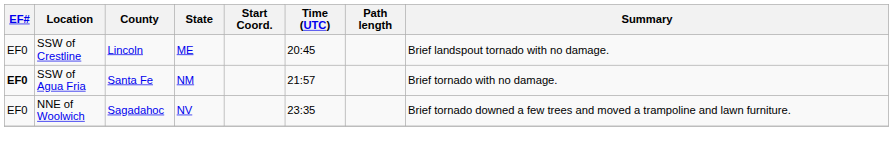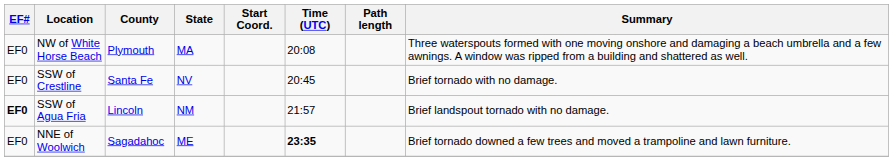 <table class="wikitable sortable" style="width:100%;">
 <tr>
 <th scope="col"  style="width:3%; text-align:center;"><a href='#'>EF#</a></th>
 <th scope="col"  style="width:7%; text-align:center;" class="unsortable">Location</th>
 <th scope="col"  style="width:6%; text-align:center;" class="unsortable">County</th>
 <th scope="col"  style="width:5%; text-align:center;">State</th>
 <th scope="col"  style="width:6%; text-align:center;">Start Coord.</th>
 <th scope="col"  style="width:6%; text-align:center;">Time (<a href='#'>UTC</a>)</th>
 <th scope="col"  style="width:6%; text-align:center;">Path length</th>
 <th scope="col" class="unsortable" style="width:48%; text-align:center;">Summary</th>
 </tr>
 <tr>
 <td>EF0</td>
+<td>NW of <a href='#'>White Horse Beach</a></td>
+<td><a href='#'>Plymouth</a></td>
+<td><a href='#'>MA</a></td>
+<td></td>
+<td>20:08</td>
+<td></td>
+<td>Three waterspouts formed with one moving onshore and damaging a beach umbrella and a few awnings. A window was ripped from a building and shattered as well.</td>
+</tr>
+<tr>
+<td>EF0</td>
 <td>SSW of <a href='#'>Crestline</a></td>
-<td><a href='#'>Lincoln</a></td>
-<td><a href='#'>ME</a></td>
+<td><a href='#'>Santa Fe</a></td>
+<td><a href='#'>NV</a></td>
 <td></td>
 <td>20:45</td>
 <td></td>
-<td>Brief landspout tornado with no damage.</td>
+<td>Brief tornado with no damage.</td>
 </tr>
 <tr>
 <td><strong>EF0</strong></td>
 <td>SSW of <a href='#'>Agua Fria</a></td>
-<td><a href='#'>Santa Fe</a></td>
+<td><a href='#'>Lincoln</a></td>
 <td><a href='#'>NM</a></td>
 <td></td>
 <td>21:57</td>
 <td></td>
-<td>Brief tornado with no damage.</td>
+<td>Brief landspout tornado with no damage.</td>
 </tr>
 <tr>
 <td>EF0</td>
 <td>NNE of <a href='#'>Woolwich</a></td>
 <td><a href='#'>Sagadahoc</a></td>
-<td><a href='#'>NV</a></td>
+<td><a href='#'>ME</a></td>
 <td></td>
-<td>23:35</td>
+<td><strong>23:35</strong></td>
 <td></td>
 <td>Brief tornado downed a few trees and moved a trampoline and lawn furniture.</td>
 </tr>
 <tr>
 </tr>
 </table>
